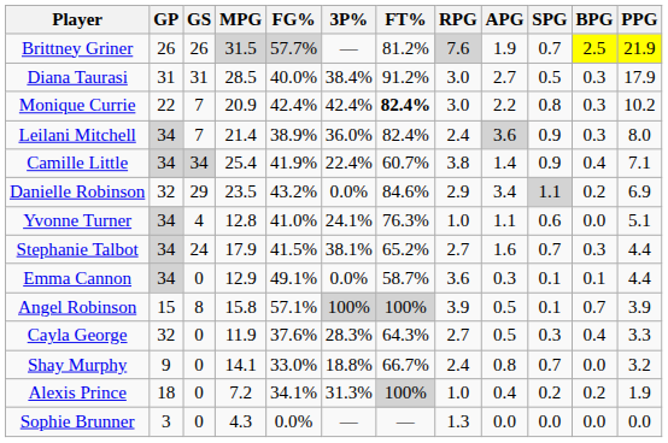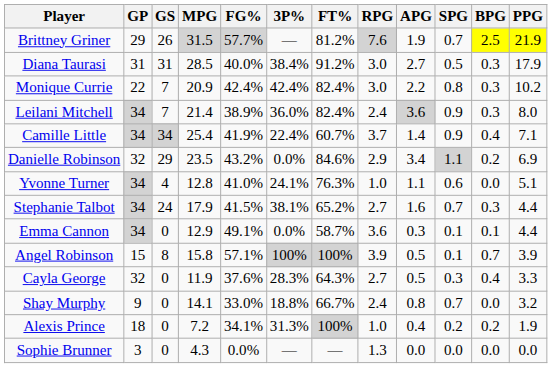 <table class="wikitable sortable" style="text-align:center;">
 <tr>
 <th>Player</th>
 <th>GP</th>
 <th>GS</th>
 <th>MPG</th>
 <th>FG%</th>
 <th>3P%</th>
 <th>FT%</th>
 <th>RPG</th>
 <th>APG</th>
 <th>SPG</th>
 <th>BPG</th>
 <th>PPG</th>
 </tr>
 <tr>
 <td><a href='#'>Brittney Griner</a></td>
-<td>26</td>
+<td>29</td>
 <td>26</td>
 <td style="background:#D3D3D3;">31.5</td>
 <td style="background:#D3D3D3;">57.7%</td>
 <td>—</td>
 <td>81.2%</td>
 <td style="background:#D3D3D3;">7.6</td>
 <td>1.9</td>
 <td>0.7</td>
 <td style="background:yellow;">2.5</td>
 <td style="background:yellow;">21.9</td>
 </tr>
 <tr>
 <td><a href='#'>Diana Taurasi</a></td>
 <td>31</td>
 <td>31</td>
 <td>28.5</td>
 <td>40.0%</td>
 <td>38.4%</td>
 <td>91.2%</td>
 <td>3.0</td>
 <td>2.7</td>
 <td>0.5</td>
 <td>0.3</td>
 <td>17.9</td>
 </tr>
 <tr>
 <td><a href='#'>Monique Currie</a></td>
 <td>22</td>
 <td>7</td>
 <td>20.9</td>
 <td>42.4%</td>
 <td>42.4%</td>
-<td><strong>82.4%</strong></td>
+<td>82.4%</td>
 <td>3.0</td>
 <td>2.2</td>
 <td>0.8</td>
 <td>0.3</td>
 <td>10.2</td>
 </tr>
 <tr>
 <td><a href='#'>Leilani Mitchell</a></td>
 <td style="background:#D3D3D3;">34</td>
 <td>7</td>
 <td>21.4</td>
 <td>38.9%</td>
 <td>36.0%</td>
 <td>82.4%</td>
 <td>2.4</td>
 <td style="background:#D3D3D3;">3.6</td>
 <td>0.9</td>
 <td>0.3</td>
 <td>8.0</td>
 </tr>
 <tr>
 <td><a href='#'>Camille Little</a></td>
 <td style="background:#D3D3D3;">34</td>
 <td style="background:#D3D3D3;">34</td>
 <td>25.4</td>
 <td>41.9%</td>
 <td>22.4%</td>
 <td>60.7%</td>
-<td>3.8</td>
+<td>3.7</td>
 <td>1.4</td>
 <td>0.9</td>
 <td>0.4</td>
 <td>7.1</td>
 </tr>
 <tr>
 <td><a href='#'>Danielle Robinson</a></td>
 <td>32</td>
 <td>29</td>
 <td>23.5</td>
 <td>43.2%</td>
 <td>0.0%</td>
 <td>84.6%</td>
 <td>2.9</td>
 <td>3.4</td>
 <td style="background:#D3D3D3;">1.1</td>
 <td>0.2</td>
 <td>6.9</td>
 </tr>
 <tr>
 <td><a href='#'>Yvonne Turner</a></td>
 <td style="background:#D3D3D3;">34</td>
 <td>4</td>
 <td>12.8</td>
 <td>41.0%</td>
 <td>24.1%</td>
 <td>76.3%</td>
 <td>1.0</td>
 <td>1.1</td>
 <td>0.6</td>
 <td>0.0</td>
 <td>5.1</td>
 </tr>
 <tr>
 <td><a href='#'>Stephanie Talbot</a></td>
 <td style="background:#D3D3D3;">34</td>
 <td>24</td>
 <td>17.9</td>
 <td>41.5%</td>
 <td>38.1%</td>
 <td>65.2%</td>
 <td>2.7</td>
 <td>1.6</td>
 <td>0.7</td>
 <td>0.3</td>
 <td>4.4</td>
 </tr>
 <tr>
 <td><a href='#'>Emma Cannon</a></td>
 <td style="background:#D3D3D3;">34</td>
 <td>0</td>
 <td>12.9</td>
 <td>49.1%</td>
 <td>0.0%</td>
 <td>58.7%</td>
 <td>3.6</td>
 <td>0.3</td>
 <td>0.1</td>
 <td>0.1</td>
 <td>4.4</td>
 </tr>
 <tr>
 <td><a href='#'>Angel Robinson</a></td>
 <td>15</td>
 <td>8</td>
 <td>15.8</td>
 <td>57.1%</td>
 <td style="background:#D3D3D3;">100%</td>
 <td style="background:#D3D3D3;">100%</td>
 <td>3.9</td>
 <td>0.5</td>
 <td>0.1</td>
 <td>0.7</td>
 <td>3.9</td>
 </tr>
 <tr>
 <td><a href='#'>Cayla George</a></td>
 <td>32</td>
 <td>0</td>
 <td>11.9</td>
 <td>37.6%</td>
 <td>28.3%</td>
 <td>64.3%</td>
 <td>2.7</td>
 <td>0.5</td>
 <td>0.3</td>
 <td>0.4</td>
 <td>3.3</td>
 </tr>
 <tr>
 <td><a href='#'>Shay Murphy</a></td>
 <td>9</td>
 <td>0</td>
 <td>14.1</td>
 <td>33.0%</td>
 <td>18.8%</td>
 <td>66.7%</td>
 <td>2.4</td>
 <td>0.8</td>
 <td>0.7</td>
 <td>0.0</td>
 <td>3.2</td>
 </tr>
 <tr>
 <td><a href='#'>Alexis Prince</a></td>
 <td>18</td>
 <td>0</td>
 <td>7.2</td>
 <td>34.1%</td>
 <td>31.3%</td>
 <td style="background:#D3D3D3;">100%</td>
 <td>1.0</td>
 <td>0.4</td>
 <td>0.2</td>
 <td>0.2</td>
 <td>1.9</td>
 </tr>
 <tr>
 <td><a href='#'>Sophie Brunner</a></td>
 <td>3</td>
 <td>0</td>
 <td>4.3</td>
 <td>0.0%</td>
 <td>—</td>
 <td>—</td>
 <td>1.3</td>
 <td>0.0</td>
 <td>0.0</td>
 <td>0.0</td>
 <td>0.0</td>
 </tr>
 </table>
